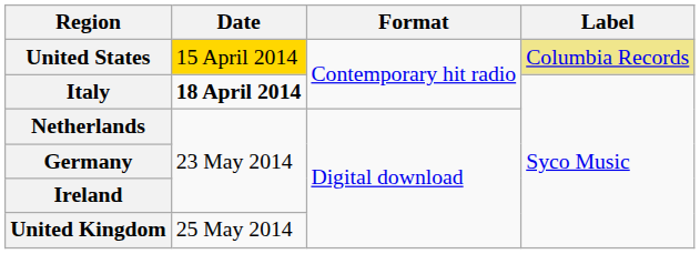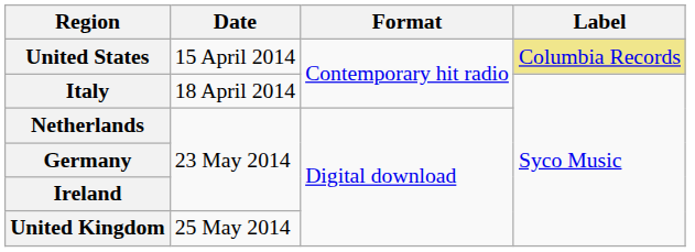 <table class="wikitable sortable plainrowheaders">
 <tr>
 <th scope="col">Region</th>
 <th scope="col">Date</th>
 <th scope="col">Format</th>
 <th scope="col">Label</th>
 </tr>
 <tr>
 <th scope="row">United States</th>
-<td style="background: gold;">15 April 2014</td>
+<td>15 April 2014</td>
 <td rowspan="2"><a href='#'>Contemporary hit radio</a></td>
 <td style="background: khaki;"><a href='#'>Columbia Records</a></td>
 </tr>
 <tr>
 <th scope="row">Italy</th>
-<td><strong>18 April 2014</strong></td>
+<td>18 April 2014</td>
 <td rowspan="5"><a href='#'>Syco Music</a></td>
 </tr>
 <tr>
 <th scope="row">Netherlands</th>
 <td rowspan="3">23 May 2014</td>
 <td rowspan="4"><a href='#'>Digital download</a></td>
 </tr>
 <tr>
 <th scope="row">Germany</th>
 </tr>
 <tr>
 <th scope="row">Ireland</th>
 </tr>
 <tr>
 <th scope="row">United Kingdom</th>
 <td>25 May 2014</td>
 </tr>
 </table>
